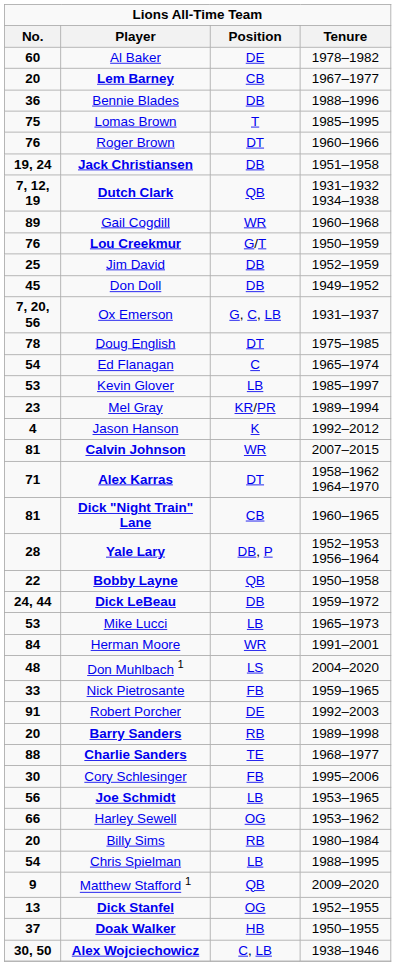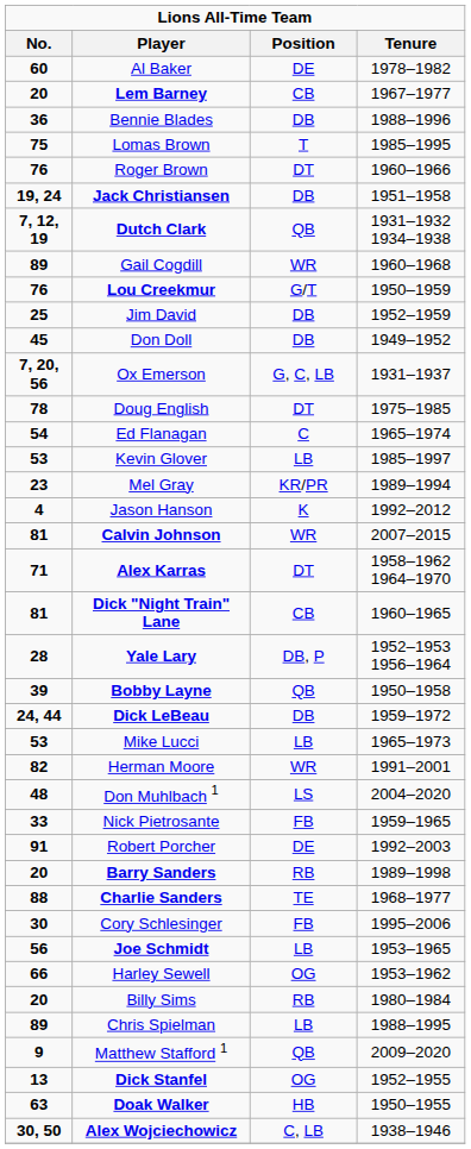 <table class="wikitable sortable" style="text-align:center">
 <tr>
 <td colspan="5"><strong>Lions All-Time Team</strong></td>
 </tr>
 <tr>
 <th width=60px>No.</th>
 <th width=170px>Player</th>
 <th width=100px>Position</th>
 <th width=100px>Tenure</th>
 </tr>
 <tr>
 <td><strong>60</strong></td>
 <td><a href='#'>Al Baker</a></td>
 <td><a href='#'>DE</a></td>
 <td>1978–1982</td>
 </tr>
 <tr>
 <td><strong>20</strong></td>
 <td><strong><a href='#'>Lem Barney</a></strong></td>
 <td><a href='#'>CB</a></td>
 <td>1967–1977</td>
 </tr>
 <tr>
 <td><strong>36</strong></td>
 <td><a href='#'>Bennie Blades</a></td>
 <td><a href='#'>DB</a></td>
 <td>1988–1996</td>
 </tr>
 <tr>
 <td><strong>75</strong></td>
 <td><a href='#'>Lomas Brown</a></td>
 <td><a href='#'>T</a></td>
 <td>1985–1995</td>
 </tr>
 <tr>
 <td><strong>76</strong></td>
 <td><a href='#'>Roger Brown</a></td>
 <td><a href='#'>DT</a></td>
 <td>1960–1966</td>
 </tr>
 <tr>
 <td><strong>19, 24</strong></td>
 <td><strong><a href='#'>Jack Christiansen</a></strong></td>
 <td><a href='#'>DB</a></td>
 <td>1951–1958</td>
 </tr>
 <tr>
 <td><strong>7, 12, 19</strong></td>
 <td><strong><a href='#'>Dutch Clark</a></strong></td>
 <td><a href='#'>QB</a></td>
 <td>1931–1932 <br>1934–1938</td>
 </tr>
 <tr>
 <td><strong>89</strong></td>
 <td><a href='#'>Gail Cogdill</a></td>
 <td><a href='#'>WR</a></td>
 <td>1960–1968</td>
 </tr>
 <tr>
 <td><strong>76</strong></td>
 <td><strong><a href='#'>Lou Creekmur</a></strong></td>
 <td><a href='#'>G</a>/<a href='#'>T</a></td>
 <td>1950–1959</td>
 </tr>
 <tr>
 <td><strong>25</strong></td>
 <td><a href='#'>Jim David</a></td>
 <td><a href='#'>DB</a></td>
 <td>1952–1959</td>
 </tr>
 <tr>
 <td><strong>45</strong></td>
 <td><a href='#'>Don Doll</a></td>
 <td><a href='#'>DB</a></td>
 <td>1949–1952</td>
 </tr>
 <tr>
 <td><strong>7, 20, 56</strong></td>
 <td><a href='#'>Ox Emerson</a></td>
 <td><a href='#'>G</a>, <a href='#'>C</a>, <a href='#'>LB</a></td>
 <td>1931–1937</td>
 </tr>
 <tr>
 <td><strong>78</strong></td>
 <td><a href='#'>Doug English</a></td>
 <td><a href='#'>DT</a></td>
 <td>1975–1985</td>
 </tr>
 <tr>
 <td><strong>54</strong></td>
 <td><a href='#'>Ed Flanagan</a></td>
 <td><a href='#'>C</a></td>
 <td>1965–1974</td>
 </tr>
 <tr>
 <td><strong>53</strong></td>
 <td><a href='#'>Kevin Glover</a></td>
 <td><a href='#'>LB</a></td>
 <td>1985–1997</td>
 </tr>
 <tr>
 <td><strong>23</strong></td>
 <td><a href='#'>Mel Gray</a></td>
 <td><a href='#'>KR</a>/<a href='#'>PR</a></td>
 <td>1989–1994</td>
 </tr>
 <tr>
 <td><strong>4</strong></td>
 <td><a href='#'>Jason Hanson</a></td>
 <td><a href='#'>K</a></td>
 <td>1992–2012</td>
 </tr>
 <tr>
 <td><strong>81</strong></td>
 <td><strong><a href='#'>Calvin Johnson</a></strong></td>
 <td><a href='#'>WR</a></td>
 <td>2007–2015</td>
 </tr>
 <tr>
 <td><strong>71</strong></td>
 <td><strong><a href='#'>Alex Karras</a></strong></td>
 <td><a href='#'>DT</a></td>
 <td>1958–1962 <br> 1964–1970</td>
 </tr>
 <tr>
 <td><strong>81</strong></td>
 <td><strong><a href='#'>Dick "Night Train" Lane</a></strong></td>
 <td><a href='#'>CB</a></td>
 <td>1960–1965</td>
 </tr>
 <tr>
 <td><strong>28</strong></td>
 <td><strong><a href='#'>Yale Lary</a></strong></td>
 <td><a href='#'>DB</a>, <a href='#'>P</a></td>
 <td>1952–1953<br>1956–1964</td>
 </tr>
 <tr>
-<td><strong>22</strong></td>
+<td><strong>39</strong></td>
 <td><strong><a href='#'>Bobby Layne</a></strong></td>
 <td><a href='#'>QB</a></td>
 <td>1950–1958</td>
 </tr>
 <tr>
 <td><strong>24, 44</strong></td>
 <td><strong><a href='#'>Dick LeBeau</a></strong></td>
 <td><a href='#'>DB</a></td>
 <td>1959–1972</td>
 </tr>
 <tr>
 <td><strong>53</strong></td>
 <td><a href='#'>Mike Lucci</a></td>
 <td><a href='#'>LB</a></td>
 <td>1965–1973</td>
 </tr>
 <tr>
-<td><strong>84</strong></td>
+<td><strong>82</strong></td>
 <td><a href='#'>Herman Moore</a></td>
 <td><a href='#'>WR</a></td>
 <td>1991–2001</td>
 </tr>
 <tr>
 <td><strong>48</strong></td>
 <td><a href='#'>Don Muhlbach</a> <sup>1</sup></td>
 <td><a href='#'>LS</a></td>
 <td>2004–2020</td>
 </tr>
 <tr>
 <td><strong>33</strong></td>
 <td><a href='#'>Nick Pietrosante</a></td>
 <td><a href='#'>FB</a></td>
 <td>1959–1965</td>
 </tr>
 <tr>
 <td><strong>91</strong></td>
 <td><a href='#'>Robert Porcher</a></td>
 <td><a href='#'>DE</a></td>
 <td>1992–2003</td>
 </tr>
 <tr>
 <td><strong>20</strong></td>
 <td><strong><a href='#'>Barry Sanders</a></strong></td>
 <td><a href='#'>RB</a></td>
 <td>1989–1998</td>
 </tr>
 <tr>
 <td><strong>88</strong></td>
 <td><strong><a href='#'>Charlie Sanders</a></strong></td>
 <td><a href='#'>TE</a></td>
 <td>1968–1977</td>
 </tr>
 <tr>
 <td><strong>30</strong></td>
 <td><a href='#'>Cory Schlesinger</a></td>
 <td><a href='#'>FB</a></td>
 <td>1995–2006</td>
 </tr>
 <tr>
 <td><strong>56</strong></td>
 <td><strong><a href='#'>Joe Schmidt</a></strong></td>
 <td><a href='#'>LB</a></td>
 <td>1953–1965</td>
 </tr>
 <tr>
 <td><strong>66</strong></td>
 <td><a href='#'>Harley Sewell</a></td>
 <td><a href='#'>OG</a></td>
 <td>1953–1962</td>
 </tr>
 <tr>
 <td><strong>20</strong></td>
 <td><a href='#'>Billy Sims</a></td>
 <td><a href='#'>RB</a></td>
 <td>1980–1984</td>
 </tr>
 <tr>
-<td><strong>54</strong></td>
+<td><strong>89</strong></td>
 <td><a href='#'>Chris Spielman</a></td>
 <td><a href='#'>LB</a></td>
 <td>1988–1995</td>
 </tr>
 <tr>
 <td><strong>9</strong></td>
 <td><a href='#'>Matthew Stafford</a> <sup>1</sup></td>
 <td><a href='#'>QB</a></td>
 <td>2009–2020</td>
 </tr>
 <tr>
 <td><strong>13</strong></td>
 <td><strong><a href='#'>Dick Stanfel</a></strong></td>
 <td><a href='#'>OG</a></td>
 <td>1952–1955</td>
 </tr>
 <tr>
-<td><strong>37</strong></td>
+<td><strong>63</strong></td>
 <td><strong><a href='#'>Doak Walker</a></strong></td>
 <td><a href='#'>HB</a></td>
 <td>1950–1955</td>
 </tr>
 <tr>
 <td><strong>30, 50</strong></td>
 <td><strong><a href='#'>Alex Wojciechowicz</a></strong></td>
 <td><a href='#'>C</a>, <a href='#'>LB</a></td>
 <td>1938–1946</td>
 </tr>
 <tr>
 </tr>
 </table>
